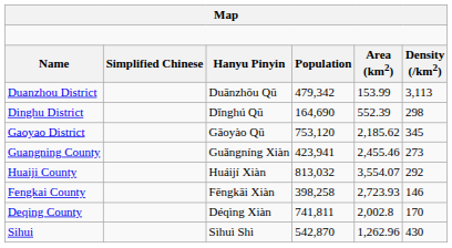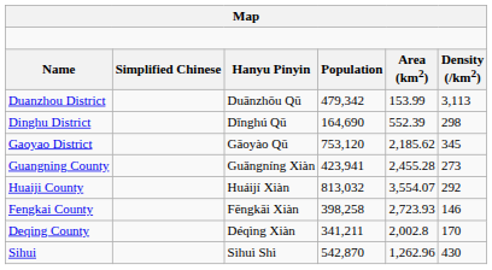 <table class="wikitable" style="font-size:90%;">
 <tr>
 <th colspan="6">Map</th>
 </tr>
 <tr>
 <td colspan="6"><div><br>           </div></td>
 </tr>
 <tr>
 <th>Name</th>
 <th>Simplified Chinese</th>
 <th>Hanyu Pinyin</th>
 <th>Population<br></th>
 <th>Area<br>(km<sup>2</sup>)</th>
 <th>Density<br>(/km<sup>2</sup>)</th>
 </tr>
 <tr>
 <td><a href='#'>Duanzhou District</a></td>
 <td></td>
 <td>Duānzhōu Qū</td>
 <td>479,342</td>
 <td>153.99</td>
 <td>3,113</td>
 </tr>
 <tr>
 <td><a href='#'>Dinghu District</a></td>
 <td></td>
 <td>Dǐnghú Qū</td>
 <td>164,690</td>
 <td>552.39</td>
 <td>298</td>
 </tr>
 <tr>
 <td><a href='#'>Gaoyao District</a></td>
 <td></td>
 <td>Gāoyào Qū</td>
 <td>753,120</td>
 <td>2,185.62</td>
 <td>345</td>
 </tr>
 <tr>
 <td><a href='#'>Guangning County</a></td>
 <td></td>
 <td>Guǎngníng Xiàn</td>
 <td>423,941</td>
-<td>2,455.46</td>
+<td>2,455.28</td>
 <td>273</td>
 </tr>
 <tr>
 <td><a href='#'>Huaiji County</a></td>
 <td></td>
 <td>Huáijí Xiàn</td>
 <td>813,032</td>
 <td>3,554.07</td>
 <td>292</td>
 </tr>
 <tr>
 <td><a href='#'>Fengkai County</a></td>
 <td></td>
 <td>Fēngkāi Xiàn</td>
 <td>398,258</td>
 <td>2,723.93</td>
 <td>146</td>
 </tr>
 <tr>
 <td><a href='#'>Deqing County</a></td>
 <td></td>
 <td>Déqìng Xiàn</td>
-<td>741,811</td>
+<td>341,211</td>
 <td>2,002.8</td>
 <td>170</td>
 </tr>
 <tr>
 <td><a href='#'>Sihui</a></td>
 <td></td>
 <td>Sìhuì Shì</td>
 <td>542,870</td>
 <td>1,262.96</td>
 <td>430</td>
 </tr>
 </table>
